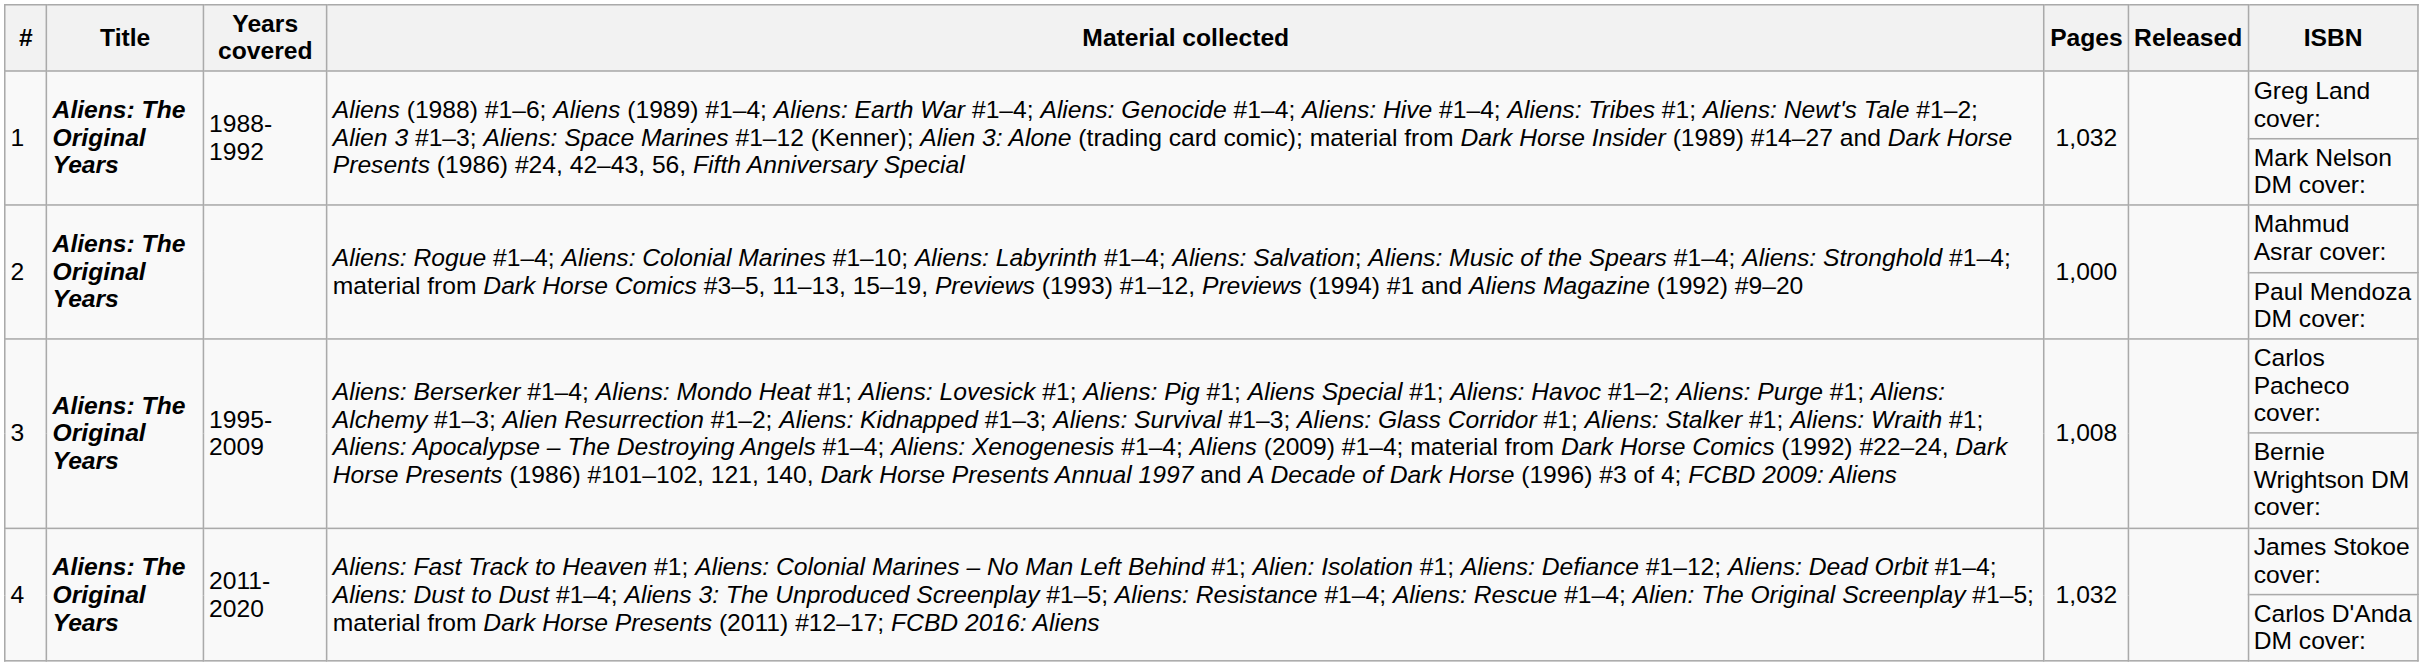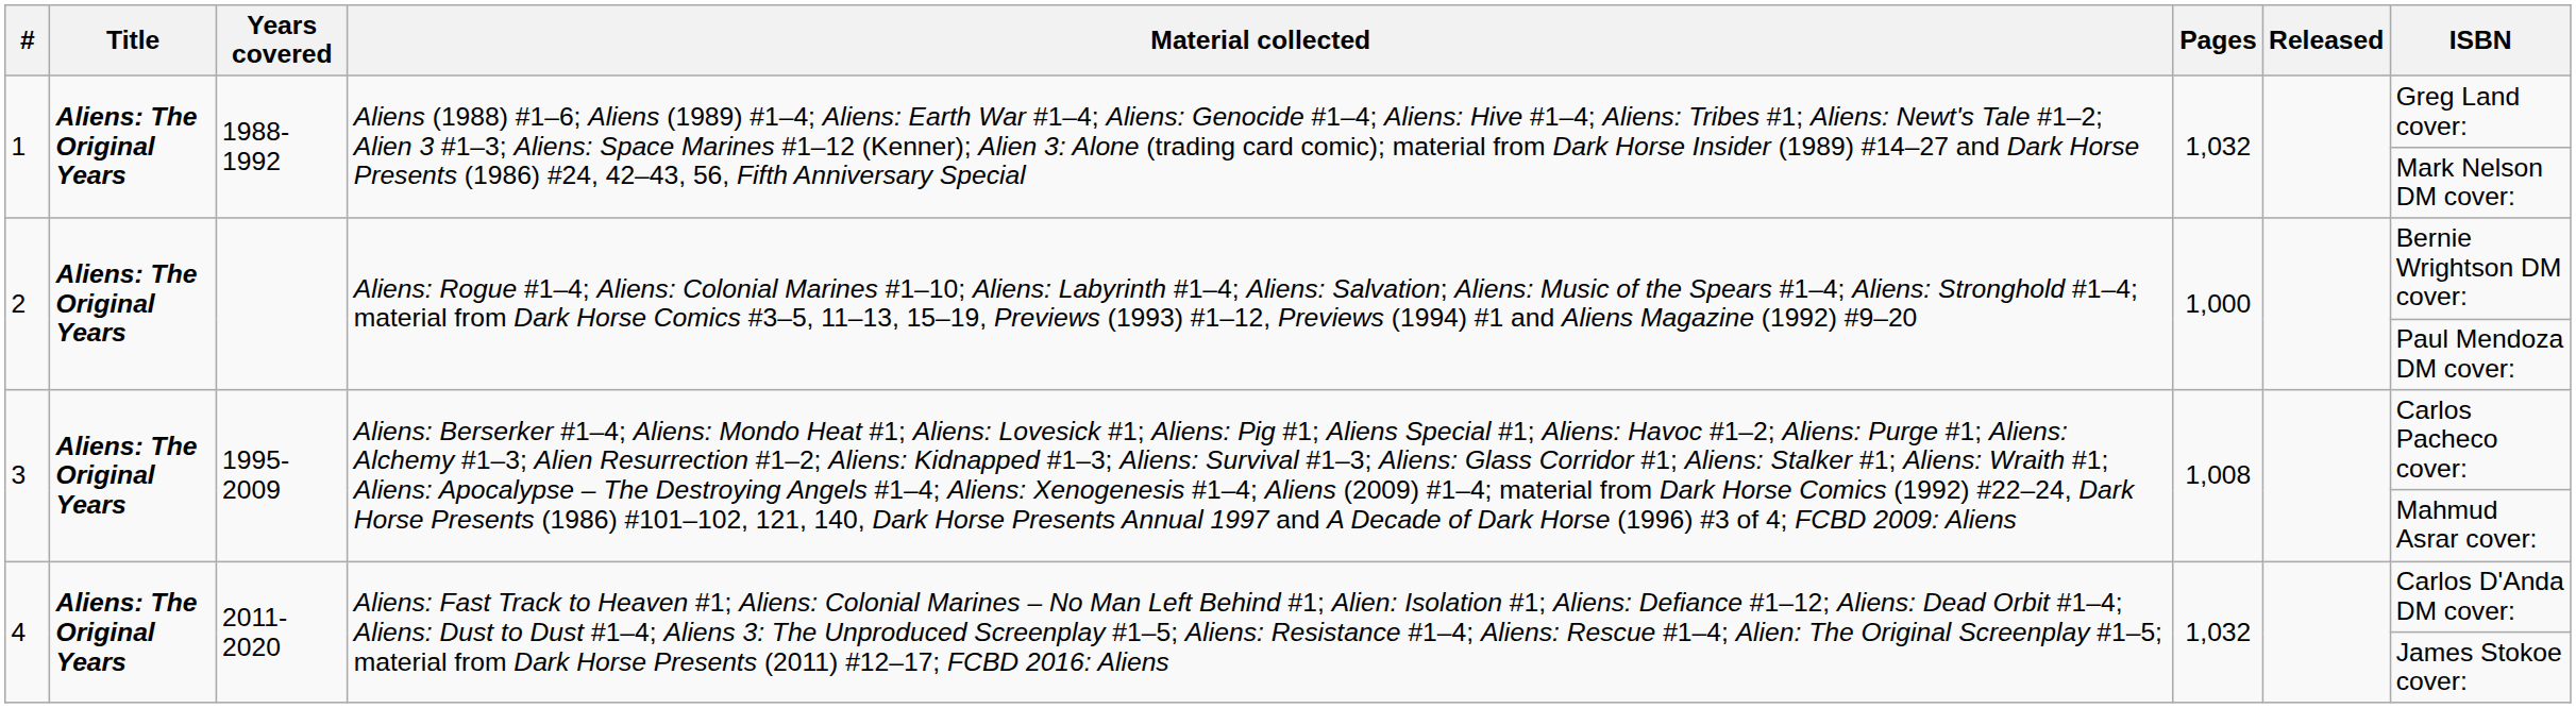 <table class="wikitable sortable" width=99%>
 <tr>
 <th class="unsortable" width=20px>#</th>
 <th>Title</th>
 <th>Years covered</th>
 <th class="unsortable">Material collected</th>
 <th>Pages</th>
 <th>Released</th>
 <th class="unsortable">ISBN</th>
 </tr>
 <tr>
 <td rowspan=2>1</td>
 <td rowspan=2><strong><em>Aliens: The Original Years</em></strong></td>
 <td rowspan=2>1988-1992</td>
 <td rowspan=2><em>Aliens</em> (1988) #1–6; <em>Aliens</em> (1989) #1–4; <em>Aliens: Earth War</em> #1–4; <em>Aliens: Genocide</em> #1–4; <em>Aliens: Hive</em> #1–4; <em>Aliens: Tribes</em> #1; <em>Aliens: Newt's Tale</em> #1–2; <em>Alien 3</em> #1–3; <em>Aliens: Space Marines</em> #1–12 (Kenner); <em>Alien 3: Alone</em> (trading card comic); material from <em>Dark Horse Insider</em> (1989) #14–27 and <em>Dark Horse Presents</em> (1986) #24, 42–43, 56, <em>Fifth Anniversary Special</em></td>
 <td style="text-align: center;" rowspan=2>1,032</td>
 <td rowspan=2></td>
 <td>Greg Land cover: </td>
 </tr>
 <tr>
 <td>Mark Nelson DM cover: </td>
 </tr>
 <tr>
 <td rowspan=2>2</td>
 <td rowspan=2><strong><em>Aliens: The Original Years</em></strong></td>
 <td rowspan=2></td>
 <td rowspan=2><em>Aliens: Rogue</em> #1–4; <em>Aliens: Colonial Marines</em> #1–10; <em>Aliens: Labyrinth</em> #1–4; <em>Aliens: Salvation</em>; <em>Aliens: Music of the Spears</em> #1–4; <em>Aliens: Stronghold</em> #1–4; material from <em>Dark Horse Comics</em> #3–5, 11–13, 15–19, <em>Previews</em> (1993) #1–12, <em>Previews</em> (1994) #1 and <em>Aliens Magazine</em> (1992) #9–20</td>
 <td style="text-align: center;" rowspan=2>1,000</td>
 <td rowspan=2></td>
-<td>Mahmud Asrar cover: </td>
+<td>Bernie Wrightson DM cover: </td>
 </tr>
 <tr>
 <td>Paul Mendoza DM cover: </td>
 </tr>
 <tr>
 <td rowspan=2>3</td>
 <td rowspan=2><strong><em>Aliens: The Original Years</em></strong></td>
 <td rowspan=2>1995-2009</td>
 <td rowspan=2><em>Aliens: Berserker</em> #1–4; <em>Aliens: Mondo Heat</em> #1; <em>Aliens: Lovesick</em> #1; <em>Aliens: Pig</em> #1; <em>Aliens Special</em> #1; <em>Aliens: Havoc</em> #1–2; <em>Aliens: Purge</em> #1; <em>Aliens: Alchemy</em> #1–3; <em>Alien Resurrection</em> #1–2; <em>Aliens: Kidnapped</em> #1–3; <em>Aliens: Survival</em> #1–3; <em>Aliens: Glass Corridor</em> #1; <em>Aliens: Stalker</em> #1; <em>Aliens: Wraith</em> #1; <em>Aliens: Apocalypse – The Destroying Angels</em> #1–4; <em>Aliens: Xenogenesis</em> #1–4; <em>Aliens</em> (2009) #1–4; material from <em>Dark Horse Comics</em> (1992) #22–24, <em>Dark Horse Presents</em> (1986) #101–102, 121, 140, <em>Dark Horse Presents Annual 1997</em> and <em>A Decade of Dark Horse</em> (1996) #3 of 4; <em>FCBD 2009: Aliens</em></td>
 <td style="text-align: center;" rowspan=2>1,008</td>
 <td rowspan=2></td>
 <td>Carlos Pacheco cover: </td>
 </tr>
 <tr>
-<td>Bernie Wrightson DM cover: </td>
+<td>Mahmud Asrar cover: </td>
 </tr>
 <tr>
 <td rowspan=2>4</td>
 <td rowspan=2><strong><em>Aliens: The Original Years</em></strong></td>
 <td rowspan=2>2011-2020</td>
 <td rowspan=2><em>Aliens: Fast Track to Heaven</em> #1; <em>Aliens: Colonial Marines – No Man Left Behind</em> #1; <em>Alien: Isolation</em> #1; <em>Aliens: Defiance</em> #1–12; <em>Aliens: Dead Orbit</em> #1–4; <em>Aliens: Dust to Dust</em> #1–4; <em>Aliens 3: The Unproduced Screenplay</em> #1–5; <em>Aliens: Resistance</em> #1–4; <em>Aliens: Rescue</em> #1–4; <em>Alien: The Original Screenplay</em> #1–5; material from <em>Dark Horse Presents</em> (2011) #12–17; <em>FCBD 2016: Aliens</em></td>
 <td style="text-align: center;" rowspan=2>1,032</td>
 <td rowspan=2></td>
+<td>Carlos D'Anda DM cover: </td>
+</tr>
+<tr>
 <td>James Stokoe cover: </td>
 </tr>
-<tr>
-<td>Carlos D'Anda DM cover: </td>
-</tr>
 </table>
